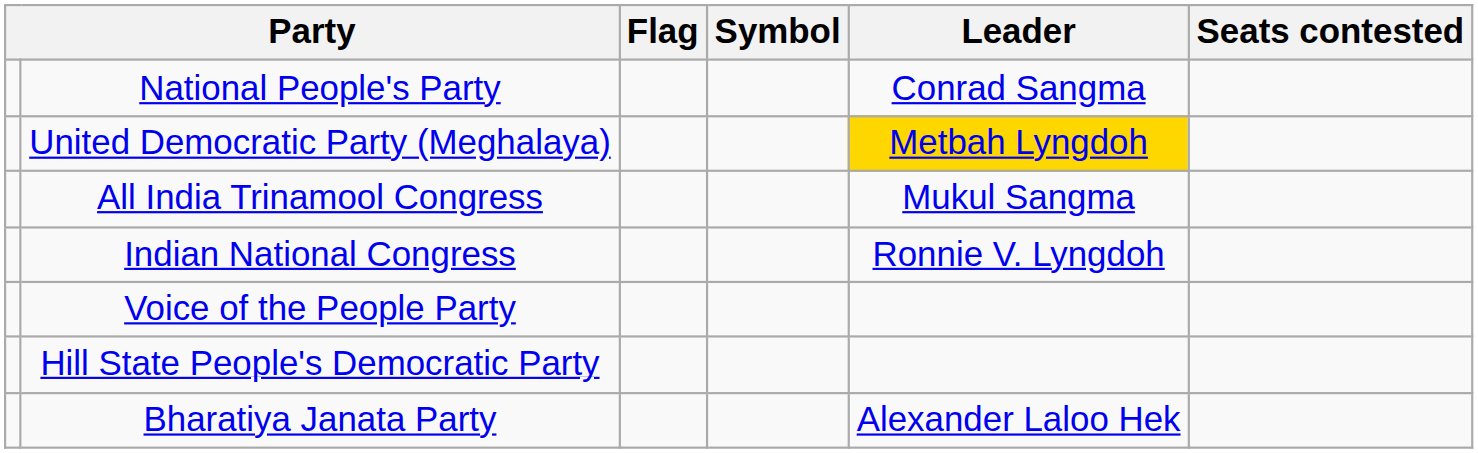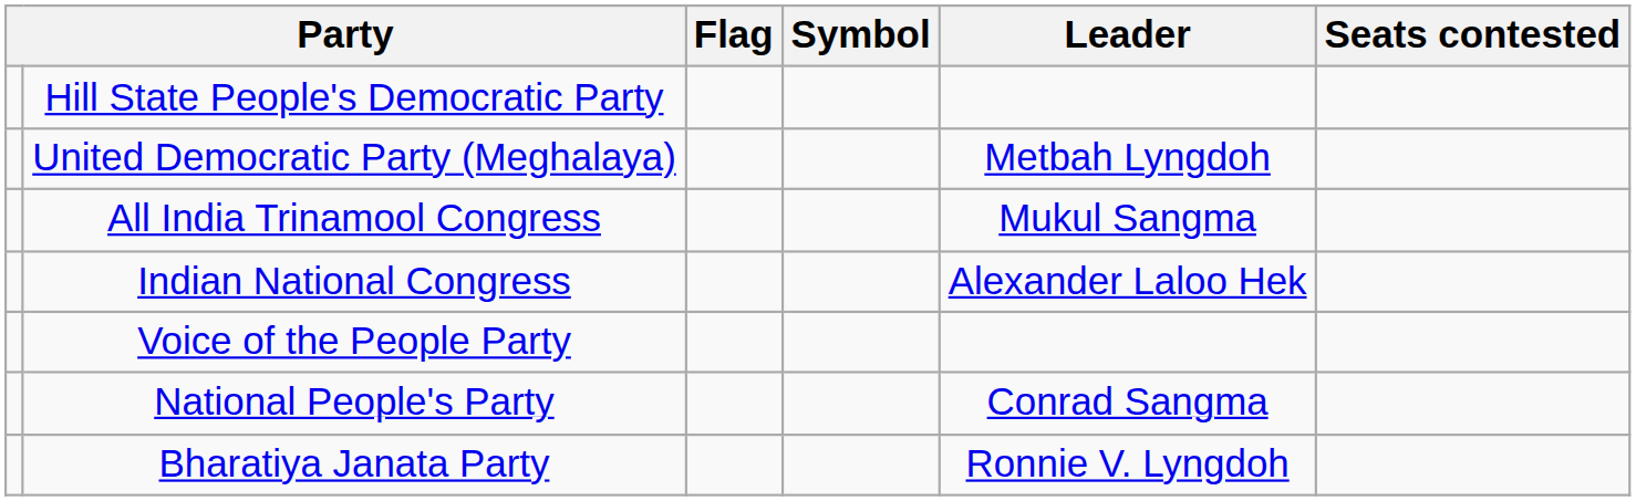 <table class="wikitable"  style="text-align:center">
 <tr>
 <th colspan="2">Party</th>
 <th>Flag</th>
 <th>Symbol</th>
 <th>Leader</th>
 <th>Seats contested</th>
 </tr>
 <tr>
-<td ! style="text-align:center; background:"></td>
-<td><a href='#'>National People's Party</a></td>
+<td style="text-align:center; background:"></td>
+<td><a href='#'>Hill State People's Democratic Party</a></td>
 <td></td>
 <td></td>
-<td><a href='#'>Conrad Sangma</a></td>
+<td></td>
 <td></td>
 </tr>
 <tr>
 <td style="text-align:center; background:"></td>
 <td><a href='#'>United Democratic Party (Meghalaya)</a></td>
 <td></td>
 <td></td>
-<td style="background: gold;"><a href='#'>Metbah Lyngdoh</a></td>
+<td><a href='#'>Metbah Lyngdoh</a></td>
 <td></td>
 </tr>
 <tr>
 <td style="text-align:center; background:"></td>
 <td><a href='#'>All India Trinamool Congress</a></td>
 <td></td>
 <td></td>
 <td><a href='#'>Mukul Sangma</a></td>
 <td></td>
 </tr>
 <tr>
 <td style="text-align:center; background:"></td>
 <td><a href='#'>Indian National Congress</a></td>
 <td></td>
 <td></td>
-<td><a href='#'>Ronnie V. Lyngdoh</a></td>
+<td><a href='#'>Alexander Laloo Hek</a></td>
 <td></td>
 </tr>
 <tr>
 <td style="text-align:center; background:"></td>
 <td><a href='#'>Voice of the People Party</a></td>
 <td></td>
 <td></td>
 <td></td>
 <td></td>
 </tr>
 <tr>
-<td style="text-align:center; background:"></td>
-<td><a href='#'>Hill State People's Democratic Party</a></td>
+<td ! style="text-align:center; background:"></td>
+<td><a href='#'>National People's Party</a></td>
 <td></td>
 <td></td>
-<td></td>
+<td><a href='#'>Conrad Sangma</a></td>
 <td></td>
 </tr>
 <tr>
 <td style="text-align:center; background:"></td>
 <td><a href='#'>Bharatiya Janata Party</a></td>
 <td></td>
 <td></td>
-<td><a href='#'>Alexander Laloo Hek</a></td>
+<td><a href='#'>Ronnie V. Lyngdoh</a></td>
 <td></td>
 </tr>
 </table>
